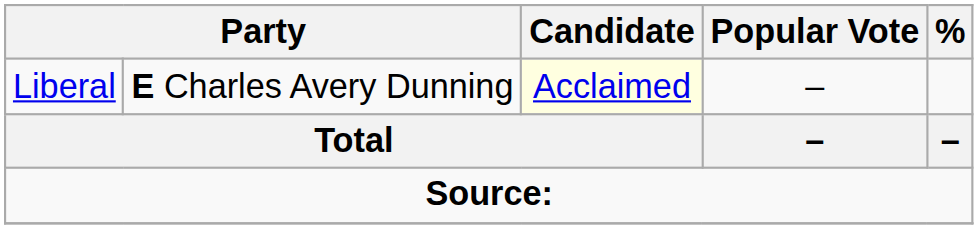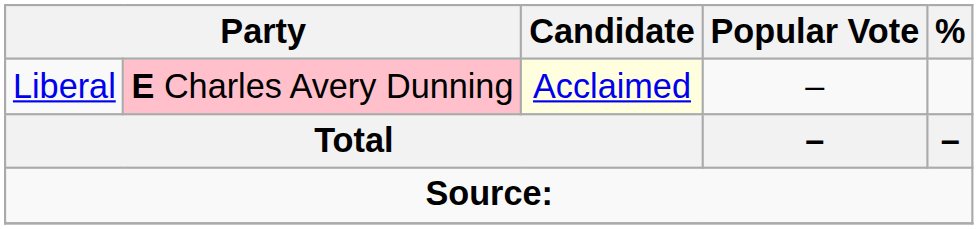 <table class="wikitable">
 <tr>
 <th colspan="2">Party</th>
 <th>Candidate</th>
 <th>Popular Vote</th>
 <th>%</th>
 </tr>
 <tr>
 <td><a href='#'>Liberal</a></td>
-<td><strong>E</strong> Charles Avery Dunning</td>
+<td style="background: pink;"><strong>E</strong> Charles Avery Dunning</td>
 <td align=center style="background: lightyellow;"><a href='#'>Acclaimed</a></td>
 <td align=center>–</td>
 </tr>
 <tr>
 <th colspan=3>Total</th>
 <th>–</th>
 <th>–</th>
 </tr>
 <tr>
 <td align="center" colspan=5><strong>Source:</strong> </td>
 </tr>
 <tr>
 </tr>
 </table>
